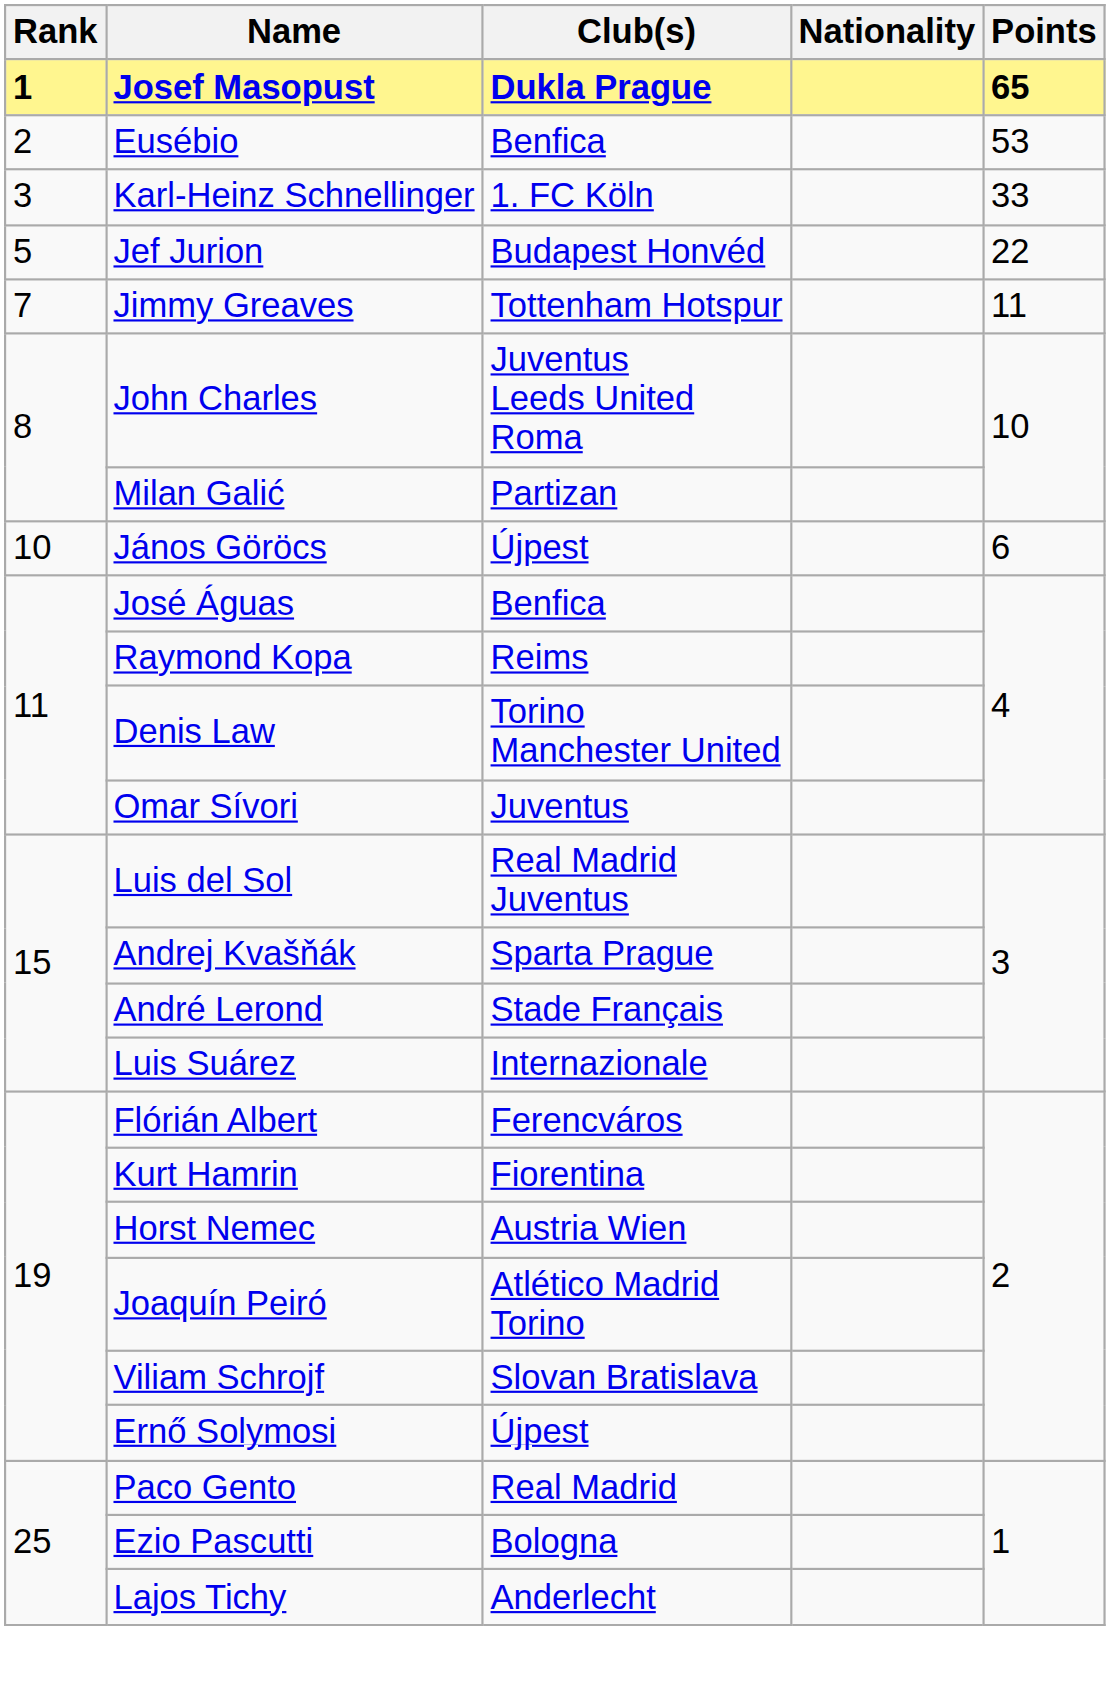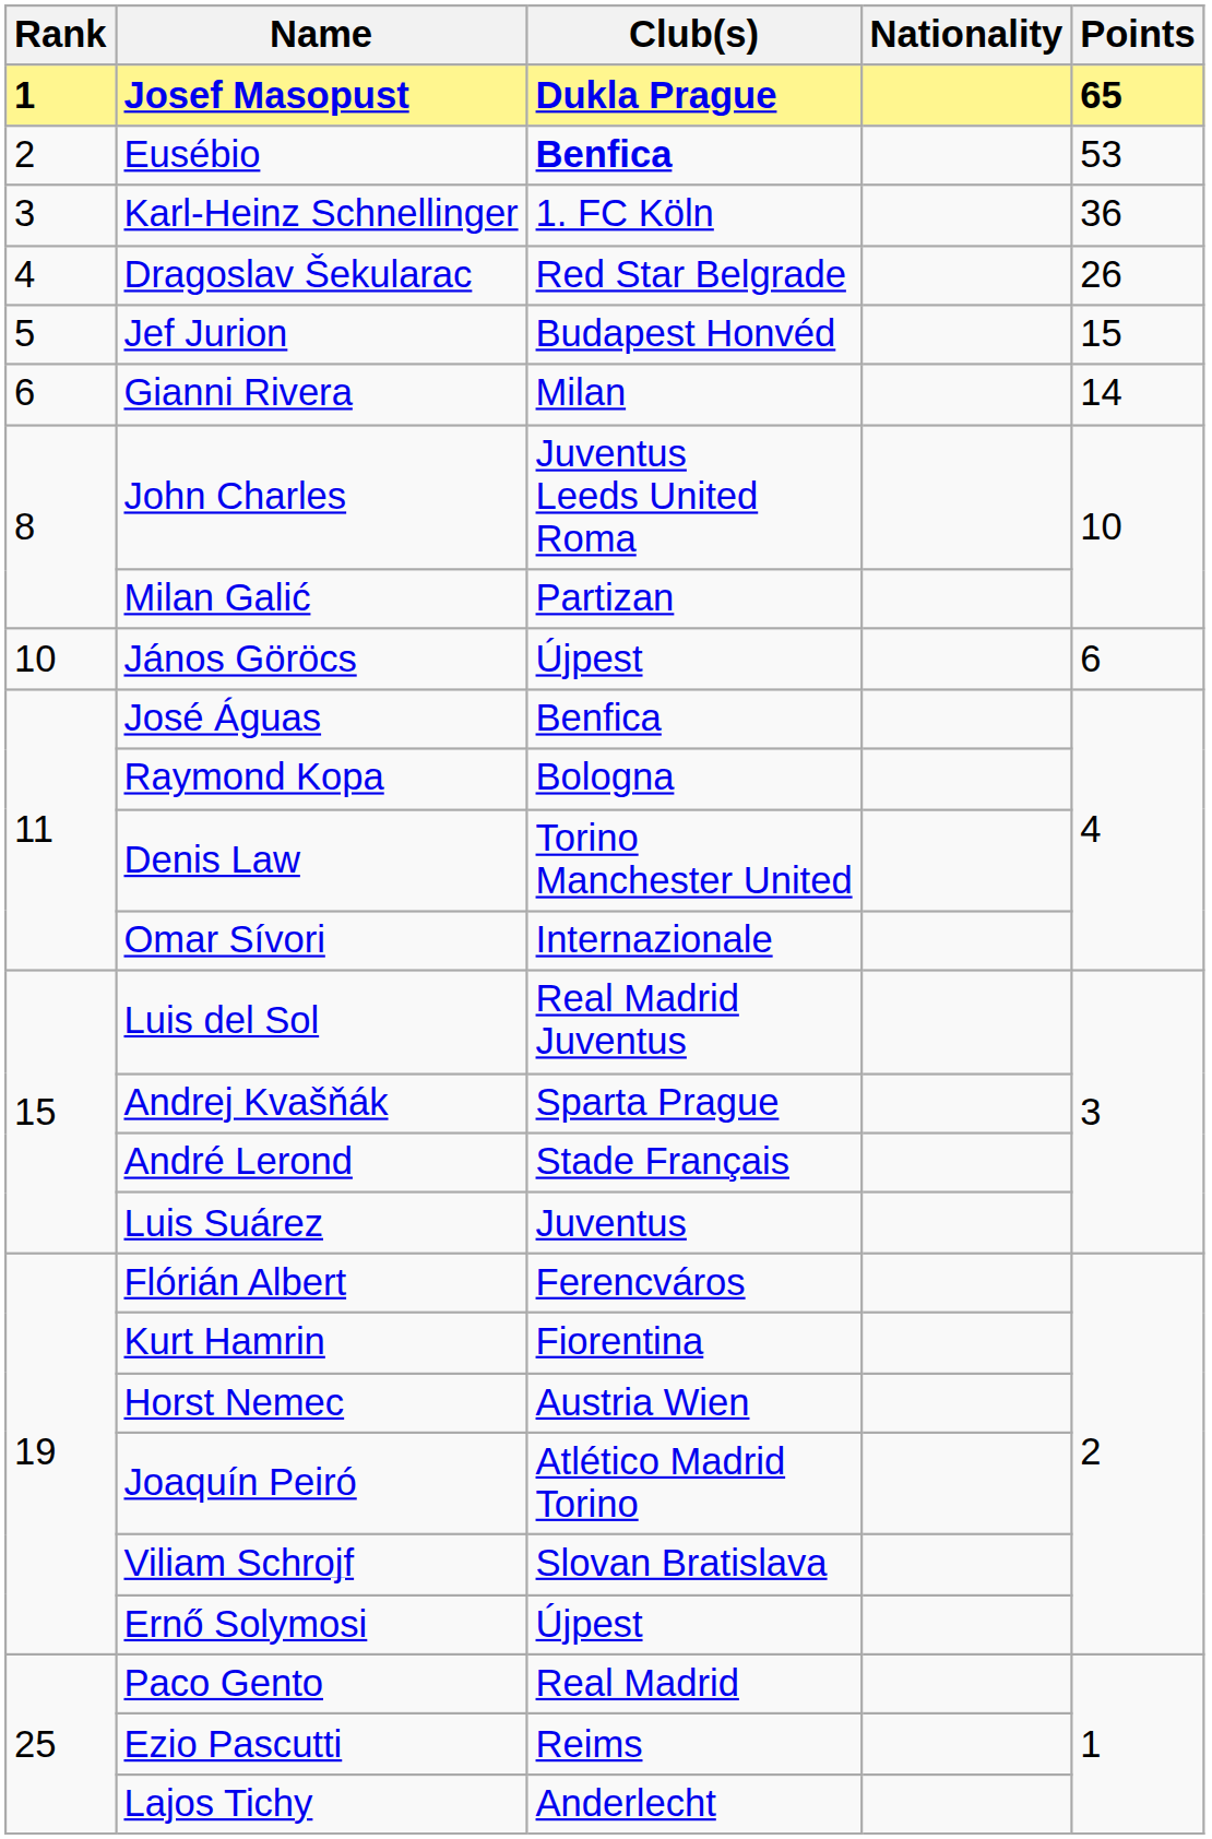 <table class="wikitable">
 <tr>
 <th>Rank</th>
 <th>Name</th>
 <th>Club(s)</th>
 <th>Nationality</th>
 <th>Points</th>
 </tr>
 <tr style="background-color: #FFF68F; font-weight: bold;">
 <td>1</td>
 <td><a href='#'>Josef Masopust</a></td>
 <td> <a href='#'>Dukla Prague</a></td>
 <td></td>
 <td>65</td>
 </tr>
 <tr>
 <td>2</td>
 <td><a href='#'>Eusébio</a></td>
-<td> <a href='#'>Benfica</a></td>
+<td><strong> <a href='#'>Benfica</a></strong></td>
 <td></td>
 <td>53</td>
 </tr>
 <tr>
 <td>3</td>
 <td><a href='#'>Karl-Heinz Schnellinger</a></td>
 <td> <a href='#'>1. FC Köln</a></td>
 <td></td>
-<td>33</td>
+<td>36</td>
+</tr>
+<tr>
+<td>4</td>
+<td><a href='#'>Dragoslav Šekularac</a></td>
+<td> <a href='#'>Red Star Belgrade</a></td>
+<td></td>
+<td>26</td>
 </tr>
 <tr>
 <td>5</td>
 <td><a href='#'>Jef Jurion</a></td>
 <td> <a href='#'>Budapest Honvéd</a></td>
 <td></td>
-<td>22</td>
+<td>15</td>
 </tr>
 <tr>
-<td>7</td>
-<td><a href='#'>Jimmy Greaves</a></td>
-<td> <a href='#'>Tottenham Hotspur</a></td>
+<td>6</td>
+<td><a href='#'>Gianni Rivera</a></td>
+<td> <a href='#'>Milan</a></td>
 <td></td>
-<td>11</td>
+<td>14</td>
 </tr>
 <tr>
 <td rowspan="2">8</td>
 <td><a href='#'>John Charles</a></td>
 <td> <a href='#'>Juventus</a><br> <a href='#'>Leeds United</a><br> <a href='#'>Roma</a></td>
 <td></td>
 <td rowspan="2">10</td>
 </tr>
 <tr>
 <td><a href='#'>Milan Galić</a></td>
 <td> <a href='#'>Partizan</a></td>
 <td></td>
 </tr>
 <tr>
 <td>10</td>
 <td><a href='#'>János Göröcs</a></td>
 <td> <a href='#'>Újpest</a></td>
 <td></td>
 <td>6</td>
 </tr>
 <tr>
 <td rowspan="4">11</td>
 <td><a href='#'>José Águas</a></td>
 <td> <a href='#'>Benfica</a></td>
 <td></td>
 <td rowspan="4">4</td>
 </tr>
 <tr>
 <td><a href='#'>Raymond Kopa</a></td>
-<td> <a href='#'>Reims</a></td>
+<td> <a href='#'>Bologna</a></td>
 <td></td>
 </tr>
 <tr>
 <td><a href='#'>Denis Law</a></td>
 <td> <a href='#'>Torino</a><br> <a href='#'>Manchester United</a></td>
 <td></td>
 </tr>
 <tr>
 <td><a href='#'>Omar Sívori</a></td>
-<td> <a href='#'>Juventus</a></td>
+<td> <a href='#'>Internazionale</a></td>
 <td></td>
 </tr>
 <tr>
 <td rowspan="4">15</td>
 <td><a href='#'>Luis del Sol</a></td>
 <td> <a href='#'>Real Madrid</a><br> <a href='#'>Juventus</a></td>
 <td></td>
 <td rowspan="4">3</td>
 </tr>
 <tr>
 <td><a href='#'>Andrej Kvašňák</a></td>
 <td> <a href='#'>Sparta Prague</a></td>
 <td></td>
 </tr>
 <tr>
 <td><a href='#'>André Lerond</a></td>
 <td> <a href='#'>Stade Français</a></td>
 <td></td>
 </tr>
 <tr>
 <td><a href='#'>Luis Suárez</a></td>
-<td> <a href='#'>Internazionale</a></td>
+<td> <a href='#'>Juventus</a></td>
 <td></td>
 </tr>
 <tr>
 <td rowspan="6">19</td>
 <td><a href='#'>Flórián Albert</a></td>
 <td> <a href='#'>Ferencváros</a></td>
 <td></td>
 <td rowspan="6">2</td>
 </tr>
 <tr>
 <td><a href='#'>Kurt Hamrin</a></td>
 <td> <a href='#'>Fiorentina</a></td>
 <td></td>
 </tr>
 <tr>
 <td><a href='#'>Horst Nemec</a></td>
 <td> <a href='#'>Austria Wien</a></td>
 <td></td>
 </tr>
 <tr>
 <td><a href='#'>Joaquín Peiró</a></td>
 <td> <a href='#'>Atlético Madrid</a><br> <a href='#'>Torino</a></td>
 <td></td>
 </tr>
 <tr>
 <td><a href='#'>Viliam Schrojf</a></td>
 <td> <a href='#'>Slovan Bratislava</a></td>
 <td></td>
 </tr>
 <tr>
 <td><a href='#'>Ernő Solymosi</a></td>
 <td> <a href='#'>Újpest</a></td>
 <td></td>
 </tr>
 <tr>
 <td rowspan="3">25</td>
 <td><a href='#'>Paco Gento</a></td>
 <td> <a href='#'>Real Madrid</a></td>
 <td></td>
 <td rowspan="3">1</td>
 </tr>
 <tr>
 <td><a href='#'>Ezio Pascutti</a></td>
-<td> <a href='#'>Bologna</a></td>
+<td> <a href='#'>Reims</a></td>
 <td></td>
 </tr>
 <tr>
 <td><a href='#'>Lajos Tichy</a></td>
 <td> <a href='#'>Anderlecht</a></td>
 <td></td>
 </tr>
 </table>
